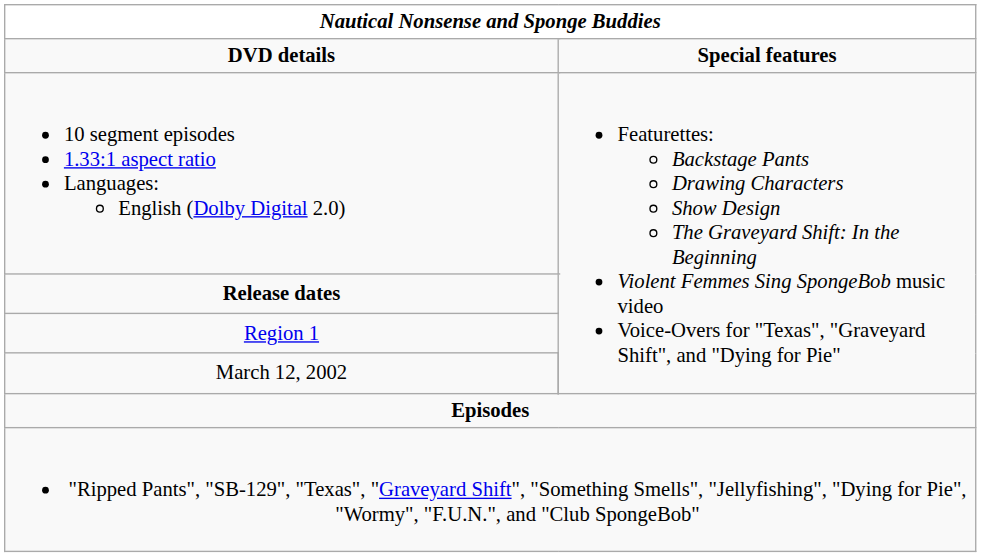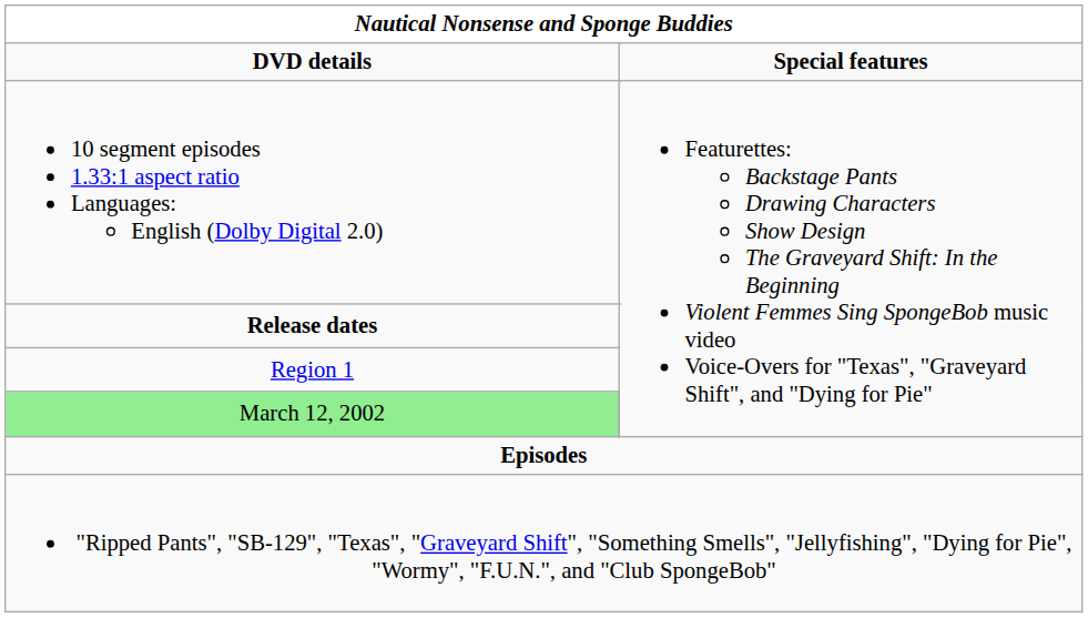 <table class="wikitable" style="font-size: 95%;">
 <tr style="background:#FFF; color:#000;">
 <td colspan="4" align="center"><strong><em>Nautical Nonsense and Sponge Buddies</em></strong></td>
 </tr>
 <tr valign="top">
 <td style="text-align:center; width:400px;" colspan="3"><strong>DVD details</strong></td>
 <td style="width:300px; text-align:center;"><strong>Special features</strong></td>
 </tr>
 <tr valign="top">
 <td colspan="3" style="text-align:left; width:400px;"><br><ul><li>10 segment episodes</li><li><a href='#'>1.33:1 aspect ratio</a></li><li>Languages:<ul><li>English (<a href='#'>Dolby Digital</a> 2.0)</li></ul></li></ul></td>
 <td rowspan="4" style="text-align:left; width:300px;"><br><ul><li>Featurettes:<ul><li><em>Backstage Pants</em></li><li><em>Drawing Characters</em></li><li><em>Show Design</em></li><li><em>The Graveyard Shift: In the Beginning</em></li></ul></li><li><em>Violent Femmes Sing SpongeBob</em> music video</li><li>Voice-Overs for "Texas", "Graveyard Shift", and "Dying for Pie"</li></ul></td>
 </tr>
 <tr>
 <td colspan="3" style="text-align:center;"><strong>Release dates</strong></td>
 </tr>
 <tr>
 <td colspan="3" style="text-align:center;"><a href='#'>Region 1</a></td>
 </tr>
 <tr style="text-align:center;">
-<td>March 12, 2002</td>
+<td style="background: lightgreen;">March 12, 2002</td>
 </tr>
 <tr>
 <td style="text-align:center; width:400px;" colspan="4"><strong>Episodes</strong></td>
 </tr>
 <tr>
 <td style="text-align:center; width:400px;" colspan="4"><br><ul><li>"Ripped Pants", "SB-129", "Texas", "<a href='#'>Graveyard Shift</a>", "Something Smells", "Jellyfishing", "Dying for Pie", "Wormy", "F.U.N.", and "Club SpongeBob"</li></ul></td>
 </tr>
 </table>
